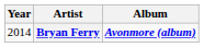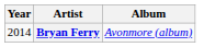 <table class="wikitable plainrowheaders" style="text-align:center;">
 <tr>
 <th scope="col">Year</th>
 <th scope="col">Artist</th>
 <th scope="col">Album</th>
 </tr>
 <tr>
 <td rowspan="2">2014</td>
 <th scope="row"><a href='#'>Bryan Ferry</a></th>
-<td><strong><em><a href='#'>Avonmore (album)</a></em></strong></td>
+<td><em><a href='#'>Avonmore (album)</a></em></td>
 </tr>
 </table>
